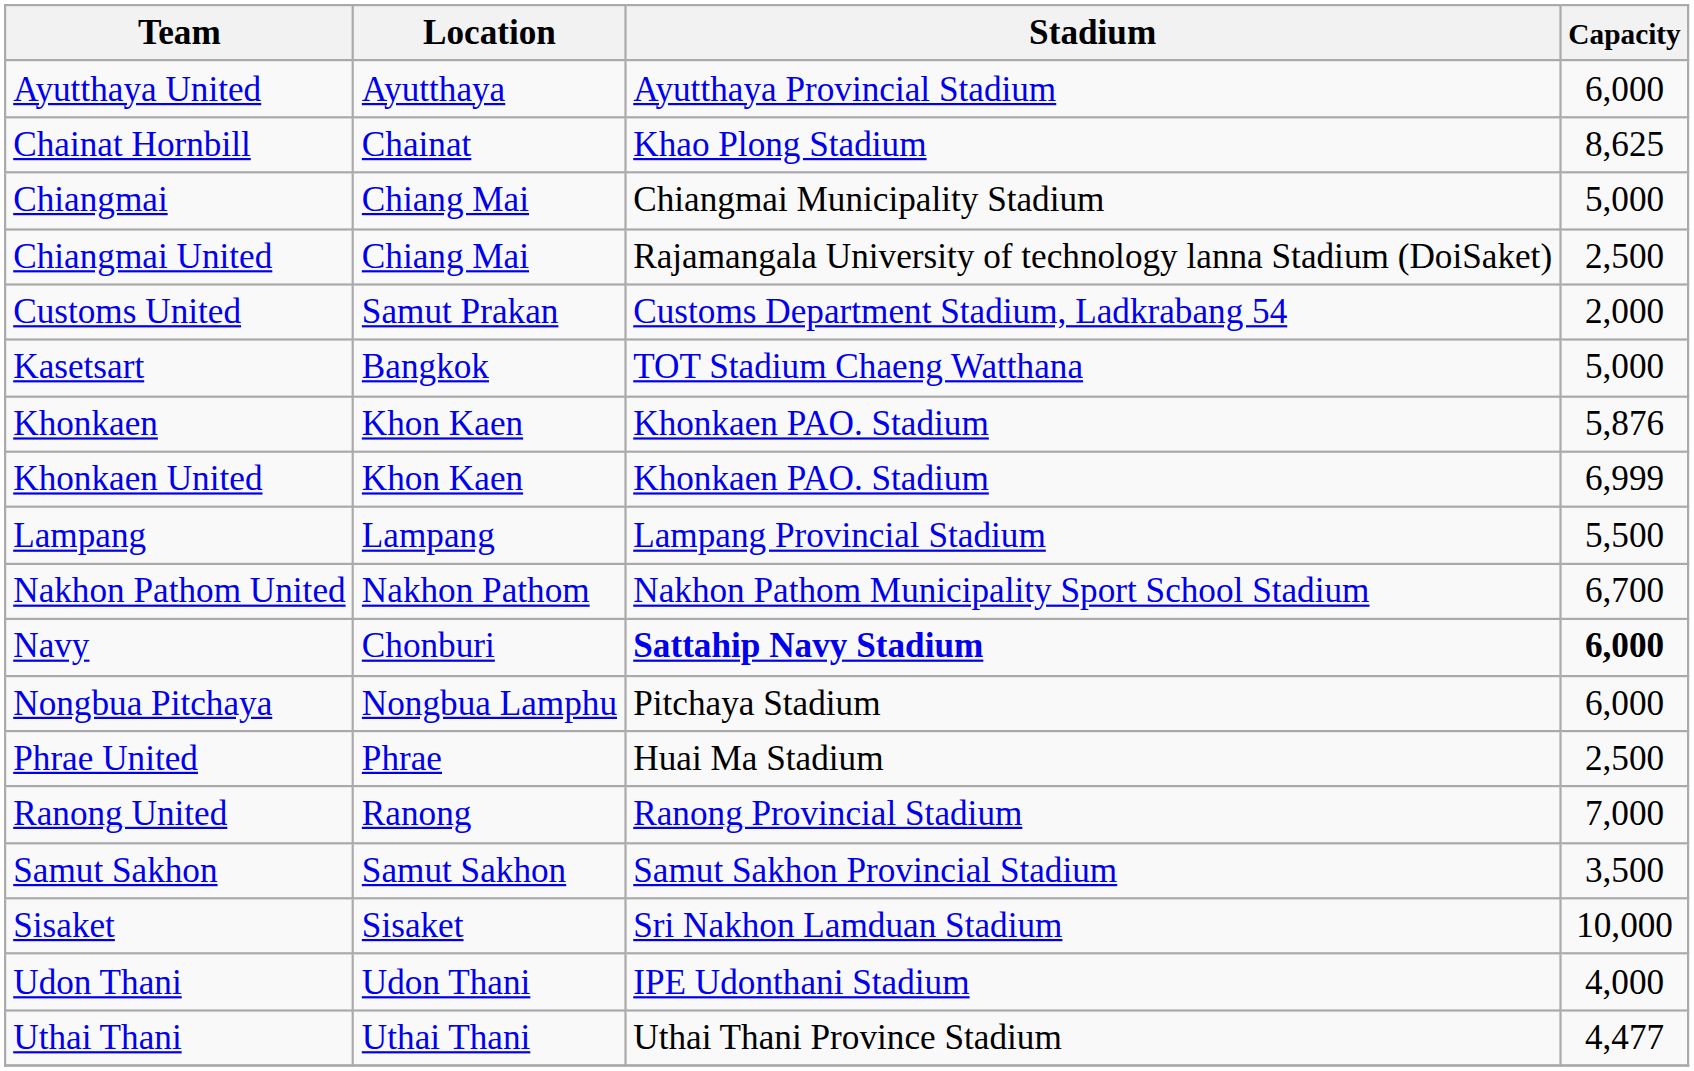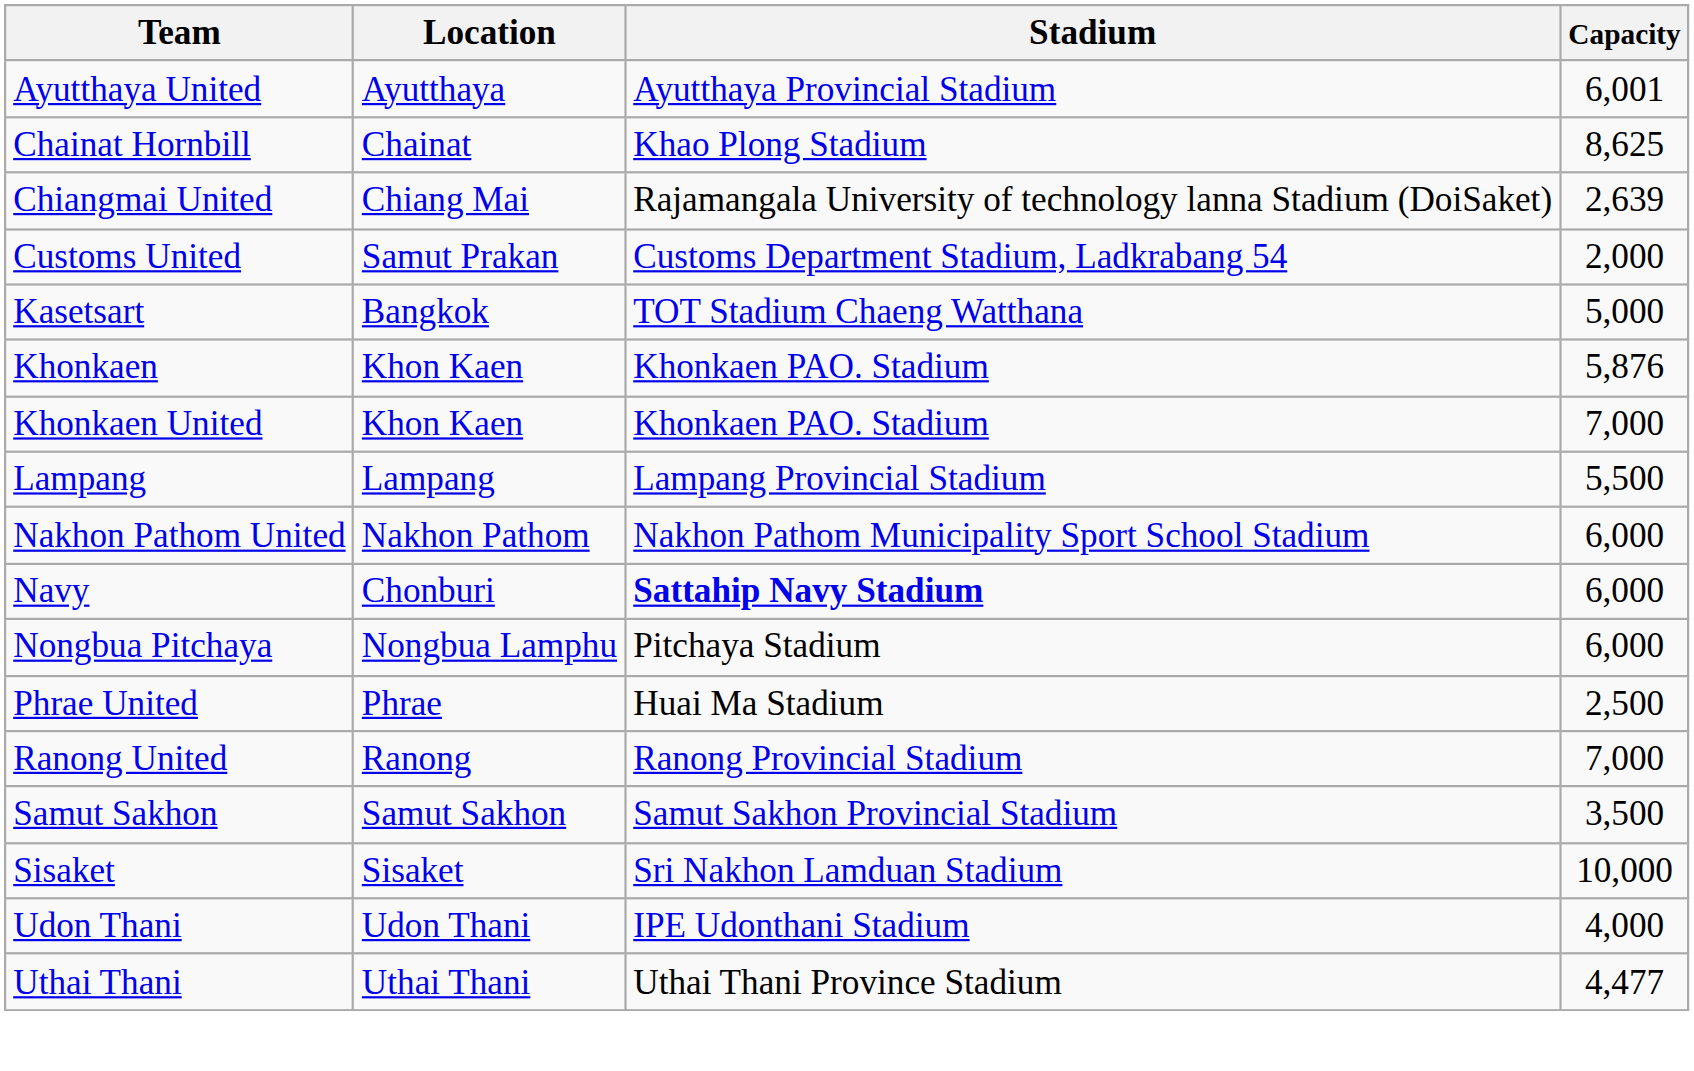 <table class="wikitable sortable">
 <tr>
 <th>Team</th>
 <th>Location</th>
 <th>Stadium</th>
 <th><small>Capacity</small></th>
 </tr>
 <tr>
 <td><a href='#'>Ayutthaya United</a></td>
 <td><a href='#'>Ayutthaya</a></td>
 <td><a href='#'>Ayutthaya Provincial Stadium</a></td>
-<td align="center">6,000</td>
+<td align="center">6,001</td>
 </tr>
 <tr>
 <td><a href='#'>Chainat Hornbill</a></td>
 <td><a href='#'>Chainat</a></td>
 <td><a href='#'>Khao Plong Stadium</a></td>
 <td align="center">8,625</td>
 </tr>
 <tr>
-<td><a href='#'>Chiangmai</a></td>
-<td><a href='#'>Chiang Mai</a></td>
-<td>Chiangmai Municipality Stadium</td>
-<td align="center">5,000</td>
-</tr>
-<tr>
 <td><a href='#'>Chiangmai United</a></td>
 <td><a href='#'>Chiang Mai</a></td>
 <td>Rajamangala University of technology lanna Stadium (DoiSaket)</td>
-<td align="center">2,500</td>
+<td align="center">2,639</td>
 </tr>
 <tr>
 <td><a href='#'>Customs United</a></td>
 <td><a href='#'>Samut Prakan</a></td>
 <td><a href='#'>Customs Department Stadium, Ladkrabang 54</a></td>
 <td align="center">2,000</td>
 </tr>
 <tr>
 <td><a href='#'>Kasetsart</a></td>
 <td><a href='#'>Bangkok</a></td>
 <td><a href='#'>TOT Stadium Chaeng Watthana</a></td>
 <td align="center">5,000</td>
 </tr>
 <tr>
 <td><a href='#'>Khonkaen</a></td>
 <td><a href='#'>Khon Kaen</a></td>
 <td><a href='#'>Khonkaen PAO. Stadium</a></td>
 <td align="center">5,876</td>
 </tr>
 <tr>
 <td><a href='#'>Khonkaen United</a></td>
 <td><a href='#'>Khon Kaen</a></td>
 <td><a href='#'>Khonkaen PAO. Stadium</a></td>
-<td align="center">6,999</td>
+<td align="center">7,000</td>
 </tr>
 <tr>
 <td><a href='#'>Lampang</a></td>
 <td><a href='#'>Lampang</a></td>
 <td><a href='#'>Lampang Provincial Stadium</a></td>
 <td align="center">5,500</td>
 </tr>
 <tr>
 <td><a href='#'>Nakhon Pathom United</a></td>
 <td><a href='#'>Nakhon Pathom</a></td>
 <td><a href='#'>Nakhon Pathom Municipality Sport School Stadium</a></td>
-<td align="center">6,700</td>
+<td align="center">6,000</td>
 </tr>
 <tr>
 <td><a href='#'>Navy</a></td>
 <td><a href='#'>Chonburi</a></td>
 <td><strong><a href='#'>Sattahip Navy Stadium</a></strong></td>
-<td align="center"><strong>6,000</strong></td>
+<td align="center">6,000</td>
 </tr>
 <tr>
 <td><a href='#'>Nongbua Pitchaya</a></td>
 <td><a href='#'>Nongbua Lamphu</a></td>
 <td>Pitchaya Stadium</td>
 <td align="center">6,000</td>
 </tr>
 <tr>
 <td><a href='#'>Phrae United</a></td>
 <td><a href='#'>Phrae</a></td>
 <td>Huai Ma Stadium</td>
 <td align="center">2,500</td>
 </tr>
 <tr>
 <td><a href='#'>Ranong United</a></td>
 <td><a href='#'>Ranong</a></td>
 <td><a href='#'>Ranong Provincial Stadium</a></td>
 <td align="center">7,000</td>
 </tr>
 <tr>
 <td><a href='#'>Samut Sakhon</a></td>
 <td><a href='#'>Samut Sakhon</a></td>
 <td><a href='#'>Samut Sakhon Provincial Stadium</a></td>
 <td align="center">3,500</td>
 </tr>
 <tr>
 <td><a href='#'>Sisaket</a></td>
 <td><a href='#'>Sisaket</a></td>
 <td><a href='#'>Sri Nakhon Lamduan Stadium</a></td>
 <td align="center">10,000</td>
 </tr>
 <tr>
 <td><a href='#'>Udon Thani</a></td>
 <td><a href='#'>Udon Thani</a></td>
 <td><a href='#'> IPE Udonthani Stadium</a></td>
 <td align="center">4,000</td>
 </tr>
 <tr>
 <td><a href='#'>Uthai Thani</a></td>
 <td><a href='#'>Uthai Thani</a></td>
 <td>Uthai Thani Province Stadium</td>
 <td align="center">4,477</td>
 </tr>
 <tr>
 </tr>
 </table>
